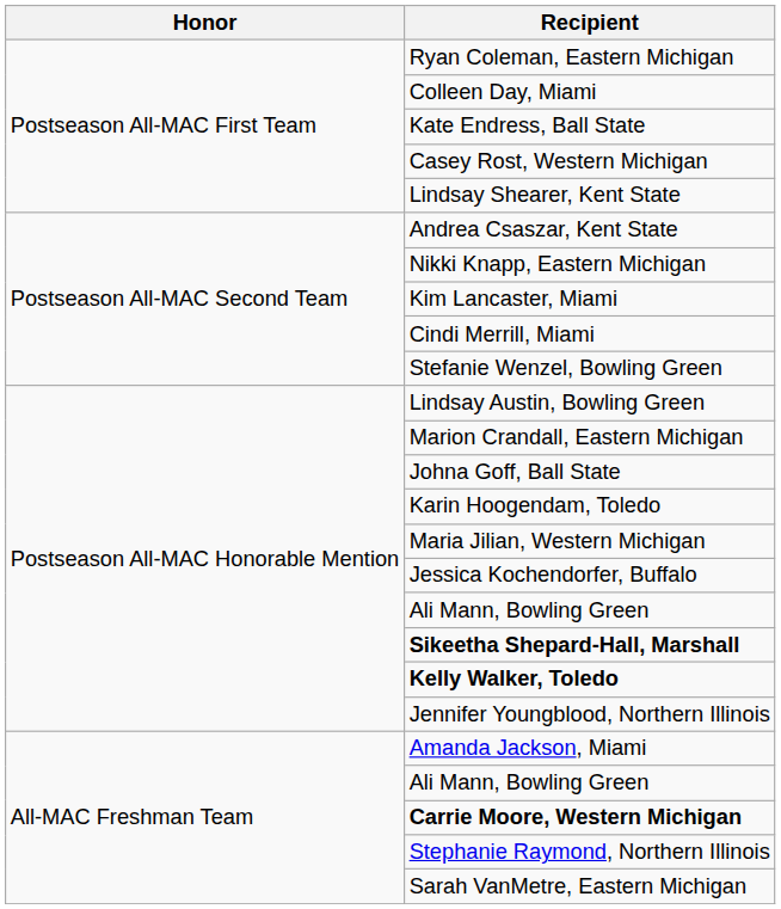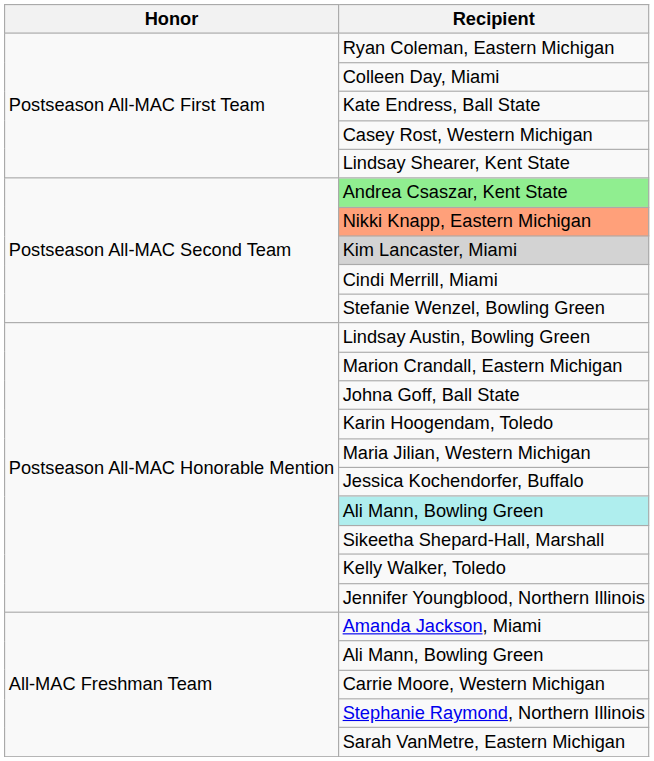 <table class="wikitable" border="1">
 <tr>
 <th>Honor</th>
 <th>Recipient</th>
 </tr>
 <tr>
 <td rowspan=5 valign=middle>Postseason All-MAC First Team</td>
 <td>Ryan Coleman, Eastern Michigan</td>
 </tr>
 <tr>
 <td>Colleen Day, Miami</td>
 </tr>
 <tr>
 <td>Kate Endress, Ball State</td>
 </tr>
 <tr>
 <td>Casey Rost, Western Michigan</td>
 </tr>
 <tr>
 <td>Lindsay Shearer, Kent State</td>
 </tr>
 <tr>
 <td rowspan=5 valign=middle>Postseason All-MAC Second Team</td>
-<td>Andrea Csaszar, Kent State</td>
+<td style="background: lightgreen;">Andrea Csaszar, Kent State</td>
 </tr>
 <tr>
-<td>Nikki Knapp, Eastern Michigan</td>
+<td style="background: lightsalmon;">Nikki Knapp, Eastern Michigan</td>
 </tr>
 <tr>
-<td>Kim Lancaster, Miami</td>
+<td style="background: lightgrey;">Kim Lancaster, Miami</td>
 </tr>
 <tr>
 <td>Cindi Merrill, Miami</td>
 </tr>
 <tr>
 <td>Stefanie Wenzel, Bowling Green</td>
 </tr>
 <tr>
 <td rowspan=10 valign=middle>Postseason All-MAC Honorable Mention</td>
 <td>Lindsay Austin, Bowling Green</td>
 </tr>
 <tr>
 <td>Marion Crandall, Eastern Michigan</td>
 </tr>
 <tr>
 <td>Johna Goff, Ball State</td>
 </tr>
 <tr>
 <td>Karin Hoogendam, Toledo</td>
 </tr>
 <tr>
 <td>Maria Jilian, Western Michigan</td>
 </tr>
 <tr>
 <td>Jessica Kochendorfer, Buffalo</td>
 </tr>
 <tr>
-<td>Ali Mann, Bowling Green</td>
+<td style="background: paleturquoise;">Ali Mann, Bowling Green</td>
 </tr>
 <tr>
-<td><strong>Sikeetha Shepard-Hall, Marshall</strong></td>
+<td>Sikeetha Shepard-Hall, Marshall</td>
 </tr>
 <tr>
-<td><strong>Kelly Walker, Toledo</strong></td>
+<td>Kelly Walker, Toledo</td>
 </tr>
 <tr>
 <td>Jennifer Youngblood, Northern Illinois</td>
 </tr>
 <tr>
 <td rowspan=5 valign=middle>All-MAC Freshman Team</td>
 <td><a href='#'>Amanda Jackson</a>, Miami</td>
 </tr>
 <tr>
 <td>Ali Mann, Bowling Green</td>
 </tr>
 <tr>
-<td><strong>Carrie Moore, Western Michigan</strong></td>
+<td>Carrie Moore, Western Michigan</td>
 </tr>
 <tr>
 <td><a href='#'>Stephanie Raymond</a>, Northern Illinois</td>
 </tr>
 <tr>
 <td>Sarah VanMetre, Eastern Michigan</td>
 </tr>
 <tr>
 </tr>
 </table>
